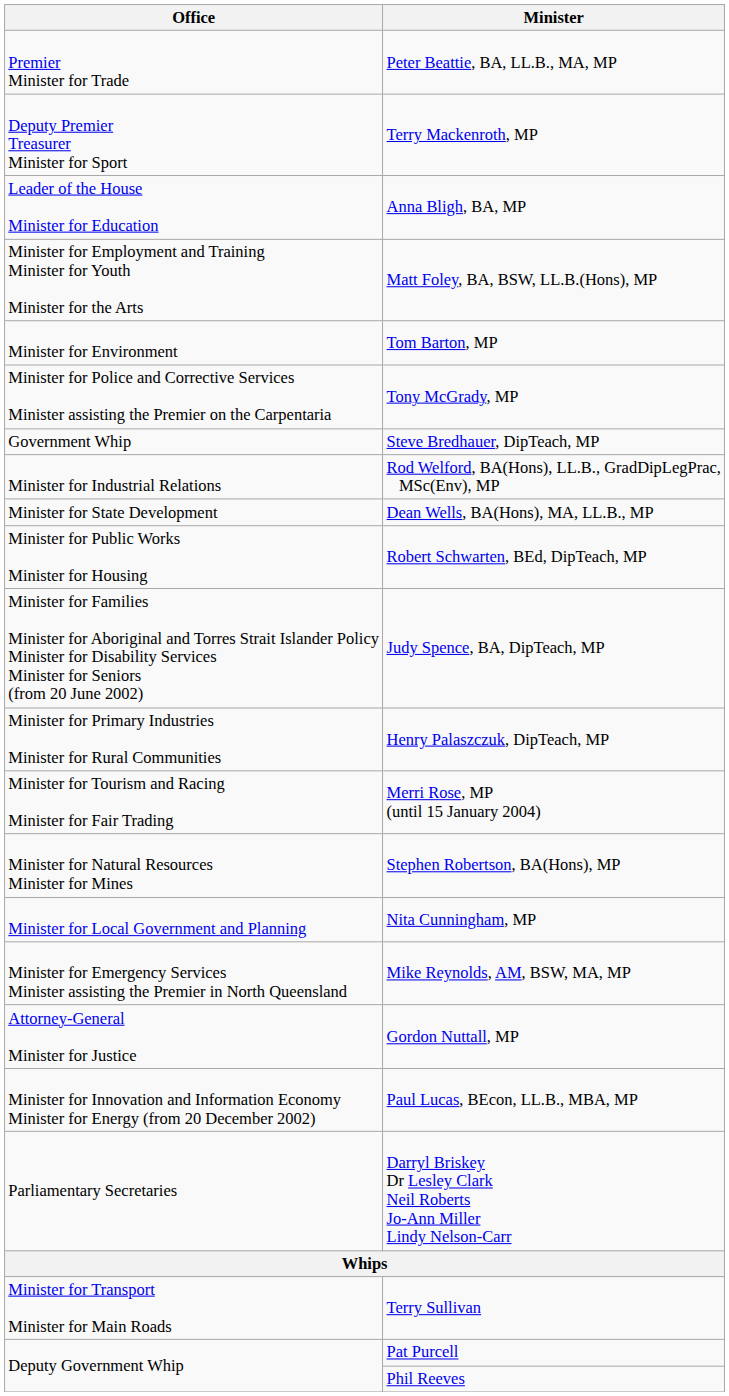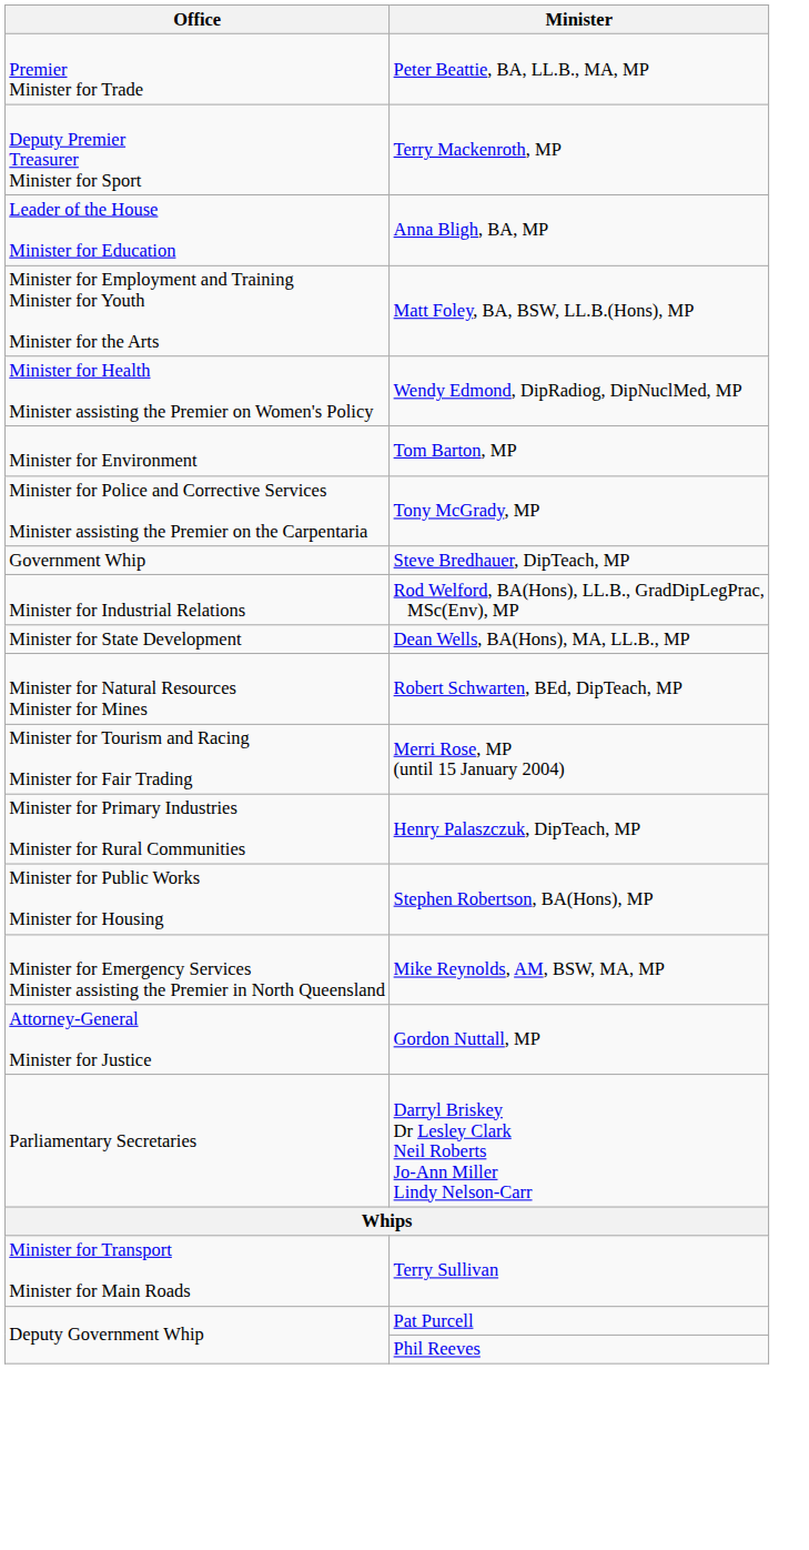 <table class="wikitable">
 <tr>
 <th>Office</th>
 <th>Minister</th>
 </tr>
 <tr>
 <td><br><a href='#'>Premier</a><br>Minister for Trade</td>
 <td><a href='#'>Peter Beattie</a>, BA, LL.B., MA, MP</td>
 </tr>
 <tr>
 <td><br><a href='#'>Deputy Premier</a><br> <a href='#'>Treasurer</a><br> Minister for Sport<br></td>
 <td><a href='#'>Terry Mackenroth</a>, MP</td>
 </tr>
 <tr>
 <td><a href='#'>Leader of the House</a><br><br><a href='#'>Minister for Education</a></td>
 <td><a href='#'>Anna Bligh</a>, BA, MP</td>
 </tr>
 <tr>
 <td>Minister for Employment and Training<br>Minister for Youth<br><br>Minister for the Arts</td>
 <td><a href='#'>Matt Foley</a>, BA, BSW, LL.B.(Hons), MP</td>
 </tr>
 <tr>
+<td><a href='#'>Minister for Health</a><br><br>Minister assisting the Premier on Women's Policy</td>
+<td><a href='#'>Wendy Edmond</a>, DipRadiog, DipNuclMed, MP</td>
+</tr>
+<tr>
 <td><br>Minister for Environment</td>
 <td><a href='#'>Tom Barton</a>, MP</td>
 </tr>
 <tr>
 <td>Minister for Police and Corrective Services<br><br>Minister assisting the Premier on the Carpentaria</td>
 <td><a href='#'>Tony McGrady</a>, MP</td>
 </tr>
 <tr>
 <td>Government Whip</td>
 <td><a href='#'>Steve Bredhauer</a>, DipTeach, MP</td>
 </tr>
 <tr>
 <td><br>Minister for Industrial Relations<br></td>
 <td><a href='#'>Rod Welford</a>, BA(Hons), LL.B., GradDipLegPrac,<br>   MSc(Env), MP</td>
 </tr>
 <tr>
 <td>Minister for State Development</td>
 <td><a href='#'>Dean Wells</a>, BA(Hons), MA, LL.B., MP</td>
 </tr>
 <tr>
-<td>Minister for Public Works<br><br>Minister for Housing</td>
+<td><br>Minister for Natural Resources<br> Minister for Mines<br></td>
 <td><a href='#'>Robert Schwarten</a>, BEd, DipTeach, MP</td>
 </tr>
 <tr>
-<td>Minister for Families<br><br>Minister for Aboriginal and Torres Strait Islander Policy<br> Minister for Disability Services<br> Minister for Seniors<br>(from 20 June 2002)</td>
-<td><a href='#'>Judy Spence</a>, BA, DipTeach, MP</td>
+<td>Minister for Tourism and Racing<br><br>Minister for Fair Trading</td>
+<td><a href='#'>Merri Rose</a>, MP<br>(until 15 January 2004)</td>
 </tr>
 <tr>
 <td>Minister for Primary Industries<br><br>Minister for Rural Communities</td>
 <td><a href='#'>Henry Palaszczuk</a>, DipTeach, MP</td>
 </tr>
 <tr>
-<td>Minister for Tourism and Racing<br><br>Minister for Fair Trading</td>
-<td><a href='#'>Merri Rose</a>, MP<br>(until 15 January 2004)</td>
-</tr>
-<tr>
-<td><br>Minister for Natural Resources<br> Minister for Mines<br></td>
+<td>Minister for Public Works<br><br>Minister for Housing</td>
 <td><a href='#'>Stephen Robertson</a>, BA(Hons), MP</td>
-</tr>
-<tr>
-<td><br><a href='#'>Minister for Local Government and Planning</a><br></td>
-<td><a href='#'>Nita Cunningham</a>, MP</td>
 </tr>
 <tr>
 <td><br>Minister for Emergency Services<br> Minister assisting the Premier in North Queensland<br></td>
 <td><a href='#'>Mike Reynolds</a>, <a href='#'>AM</a>, BSW, MA, MP</td>
 </tr>
 <tr>
 <td><a href='#'>Attorney-General</a><br><br>Minister for Justice</td>
 <td><a href='#'>Gordon Nuttall</a>, MP</td>
-</tr>
-<tr>
-<td><br>Minister for Innovation and Information Economy<br> Minister for Energy (from 20 December 2002)<br></td>
-<td><a href='#'>Paul Lucas</a>, BEcon, LL.B., MBA, MP</td>
 </tr>
 <tr>
 <td>Parliamentary Secretaries</td>
 <td><br><a href='#'>Darryl Briskey</a><br> Dr <a href='#'>Lesley Clark</a><br> <a href='#'>Neil Roberts</a><br> <a href='#'>Jo-Ann Miller</a><br> <a href='#'>Lindy Nelson-Carr</a><br></td>
 </tr>
 <tr>
 <th colspan=2>Whips</th>
 </tr>
 <tr>
 <td><a href='#'>Minister for Transport</a><br><br>Minister for Main Roads</td>
 <td><a href='#'>Terry Sullivan</a></td>
 </tr>
 <tr>
 <td rowspan=2>Deputy Government Whip</td>
 <td><a href='#'>Pat Purcell</a></td>
 </tr>
 <tr>
 <td><a href='#'>Phil Reeves</a></td>
 </tr>
 </table>
